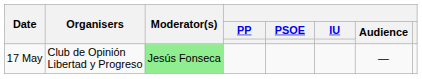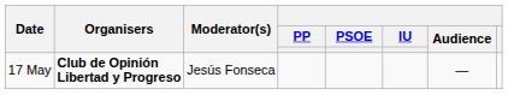 <table class="wikitable" style="text-align:center;">
 <tr>
 <th rowspan="3">Date</th>
 <th rowspan="3">Organisers</th>
 <th rowspan="3">Moderator(s)</th>
 <th colspan="5">    <br>   </th>
 </tr>
 <tr>
 <th scope="col" style="width:5em;"><a href='#'>PP</a></th>
 <th scope="col" style="width:5em;"><a href='#'>PSOE</a></th>
 <th scope="col" style="width:5em;"><a href='#'>IU</a></th>
 <th rowspan="2" scope="col" style="width:5em;">Audience</th>
 <th rowspan="2"></th>
 </tr>
 <tr>
 <th style="color:inherit;background:"></th>
 <th style="color:inherit;background:"></th>
 <th style="color:inherit;background:"></th>
 </tr>
 <tr>
 <td style="white-space:nowrap; text-align:left;">17 May</td>
-<td style="white-space:nowrap; text-align:left;">Club de Opinión<br>Libertad y Progreso</td>
-<td style="background: lightgreen; white-space:nowrap; text-align:left;">Jesús Fonseca</td>
+<td style="white-space:nowrap; text-align:left;"><strong>Club de Opinión<br>Libertad y Progreso</strong></td>
+<td style="white-space:nowrap; text-align:left;">Jesús Fonseca</td>
 <td></td>
 <td></td>
 <td></td>
 <td>—</td>
 <td><br></td>
 </tr>
 </table>
